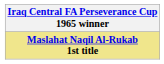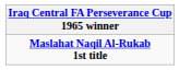 <table class="wikitable" style="text-align: center; margin: 0 auto;">
 <tr>
 <th><a href='#'>Iraq Central FA Perseverance Cup</a><br>1965 winner</th>
 </tr>
 <tr>
-<td style="background: khaki;"><strong><a href='#'>Maslahat Naqil Al-Rukab</a></strong><br><strong>1st title</strong></td>
+<td><strong><a href='#'>Maslahat Naqil Al-Rukab</a></strong><br><strong>1st title</strong></td>
 </tr>
 </table>
